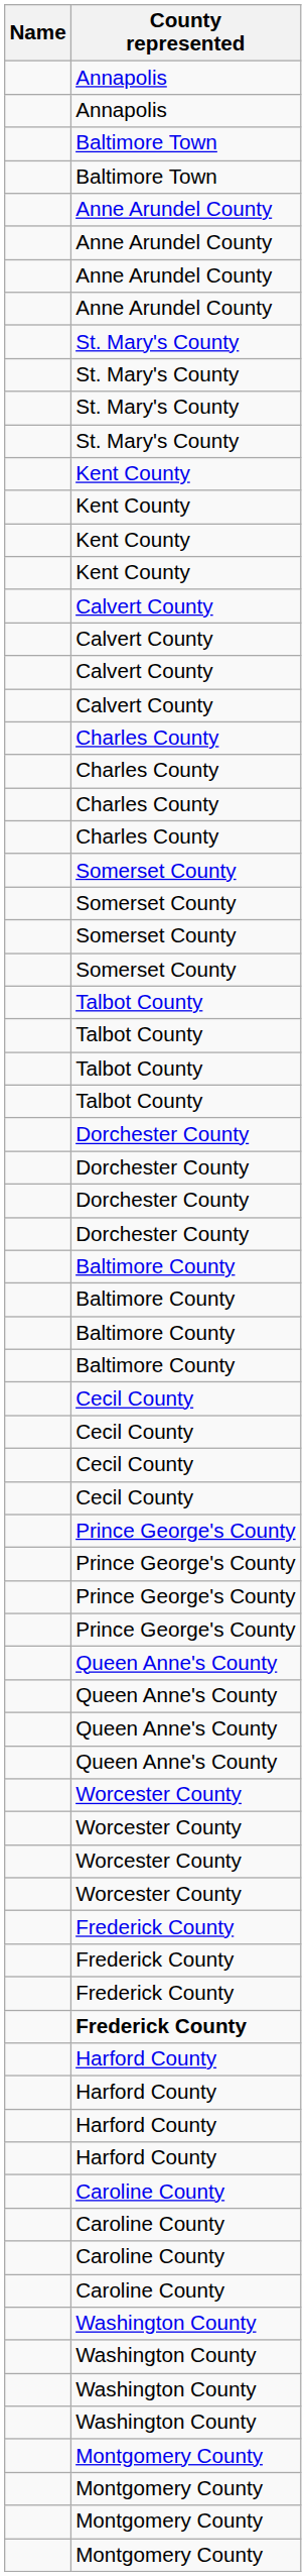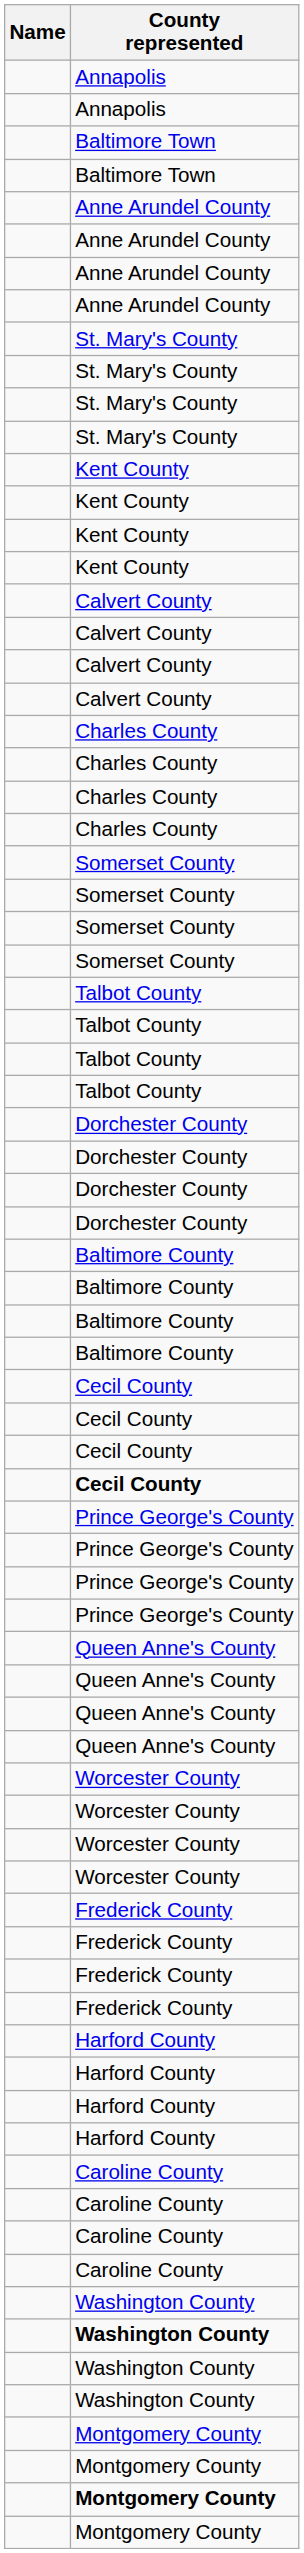 <table class="sortable wikitable">
 <tr>
 <th>Name</th>
 <th>County <br> represented</th>
 </tr>
 <tr>
 <td></td>
 <td><a href='#'>Annapolis</a></td>
 </tr>
 <tr>
 <td></td>
 <td>Annapolis</td>
 </tr>
 <tr>
 <td></td>
 <td><a href='#'>Baltimore Town</a></td>
 </tr>
 <tr>
 <td></td>
 <td>Baltimore Town</td>
 </tr>
 <tr>
 <td></td>
 <td><a href='#'>Anne Arundel County</a></td>
 </tr>
 <tr>
 <td></td>
 <td>Anne Arundel County</td>
 </tr>
 <tr>
 <td></td>
 <td>Anne Arundel County</td>
 </tr>
 <tr>
 <td></td>
 <td>Anne Arundel County</td>
 </tr>
 <tr>
 <td></td>
 <td><a href='#'>St. Mary's County</a></td>
 </tr>
 <tr>
 <td></td>
 <td>St. Mary's County</td>
 </tr>
 <tr>
 <td></td>
 <td>St. Mary's County</td>
 </tr>
 <tr>
 <td></td>
 <td>St. Mary's County</td>
 </tr>
 <tr>
 <td></td>
 <td><a href='#'>Kent County</a></td>
 </tr>
 <tr>
 <td></td>
 <td>Kent County</td>
 </tr>
 <tr>
 <td></td>
 <td>Kent County</td>
 </tr>
 <tr>
 <td></td>
 <td>Kent County</td>
 </tr>
 <tr>
 <td></td>
 <td><a href='#'>Calvert County</a></td>
 </tr>
 <tr>
 <td></td>
 <td>Calvert County</td>
 </tr>
 <tr>
 <td></td>
 <td>Calvert County</td>
 </tr>
 <tr>
 <td></td>
 <td>Calvert County</td>
 </tr>
 <tr>
 <td></td>
 <td><a href='#'>Charles County</a></td>
 </tr>
 <tr>
 <td></td>
 <td>Charles County</td>
 </tr>
 <tr>
 <td></td>
 <td>Charles County</td>
 </tr>
 <tr>
 <td></td>
 <td>Charles County</td>
 </tr>
 <tr>
 <td></td>
 <td><a href='#'>Somerset County</a></td>
 </tr>
 <tr>
 <td></td>
 <td>Somerset County</td>
 </tr>
 <tr>
 <td></td>
 <td>Somerset County</td>
 </tr>
 <tr>
 <td></td>
 <td>Somerset County</td>
 </tr>
 <tr>
 <td></td>
 <td><a href='#'>Talbot County</a></td>
 </tr>
 <tr>
 <td></td>
 <td>Talbot County</td>
 </tr>
 <tr>
 <td></td>
 <td>Talbot County</td>
 </tr>
 <tr>
 <td></td>
 <td>Talbot County</td>
 </tr>
 <tr>
 <td></td>
 <td><a href='#'>Dorchester County</a></td>
 </tr>
 <tr>
 <td></td>
 <td>Dorchester County</td>
 </tr>
 <tr>
 <td></td>
 <td>Dorchester County</td>
 </tr>
 <tr>
 <td></td>
 <td>Dorchester County</td>
 </tr>
 <tr>
 <td></td>
 <td><a href='#'>Baltimore County</a></td>
 </tr>
 <tr>
 <td></td>
 <td>Baltimore County</td>
 </tr>
 <tr>
 <td></td>
 <td>Baltimore County</td>
 </tr>
 <tr>
 <td></td>
 <td>Baltimore County</td>
 </tr>
 <tr>
 <td></td>
 <td><a href='#'>Cecil County</a></td>
 </tr>
 <tr>
 <td></td>
 <td>Cecil County</td>
 </tr>
 <tr>
 <td></td>
 <td>Cecil County</td>
 </tr>
 <tr>
 <td></td>
-<td>Cecil County</td>
+<td><strong>Cecil County</strong></td>
 </tr>
 <tr>
 <td></td>
 <td><a href='#'>Prince George's County</a></td>
 </tr>
 <tr>
 <td></td>
 <td>Prince George's County</td>
 </tr>
 <tr>
 <td></td>
 <td>Prince George's County</td>
 </tr>
 <tr>
 <td></td>
 <td>Prince George's County</td>
 </tr>
 <tr>
 <td></td>
 <td><a href='#'>Queen Anne's County</a></td>
 </tr>
 <tr>
 <td></td>
 <td>Queen Anne's County</td>
 </tr>
 <tr>
 <td></td>
 <td>Queen Anne's County</td>
 </tr>
 <tr>
 <td></td>
 <td>Queen Anne's County</td>
 </tr>
 <tr>
 <td></td>
 <td><a href='#'>Worcester County</a></td>
 </tr>
 <tr>
 <td></td>
 <td>Worcester County</td>
 </tr>
 <tr>
 <td></td>
 <td>Worcester County</td>
 </tr>
 <tr>
 <td></td>
 <td>Worcester County</td>
 </tr>
 <tr>
 <td></td>
 <td><a href='#'>Frederick County</a></td>
 </tr>
 <tr>
 <td></td>
 <td>Frederick County</td>
 </tr>
 <tr>
 <td></td>
 <td>Frederick County</td>
 </tr>
 <tr>
 <td></td>
-<td><strong>Frederick County</strong></td>
+<td>Frederick County</td>
 </tr>
 <tr>
 <td></td>
 <td><a href='#'>Harford County</a></td>
 </tr>
 <tr>
 <td></td>
 <td>Harford County</td>
 </tr>
 <tr>
 <td></td>
 <td>Harford County</td>
 </tr>
 <tr>
 <td></td>
 <td>Harford County</td>
 </tr>
 <tr>
 <td></td>
 <td><a href='#'>Caroline County</a></td>
 </tr>
 <tr>
 <td></td>
 <td>Caroline County</td>
 </tr>
 <tr>
 <td></td>
 <td>Caroline County</td>
 </tr>
 <tr>
 <td></td>
 <td>Caroline County</td>
 </tr>
 <tr>
 <td></td>
 <td><a href='#'>Washington County</a></td>
 </tr>
 <tr>
 <td></td>
-<td>Washington County</td>
+<td><strong>Washington County</strong></td>
 </tr>
 <tr>
 <td></td>
 <td>Washington County</td>
 </tr>
 <tr>
 <td></td>
 <td>Washington County</td>
 </tr>
 <tr>
 <td></td>
 <td><a href='#'>Montgomery County</a></td>
 </tr>
 <tr>
 <td></td>
 <td>Montgomery County</td>
 </tr>
 <tr>
 <td></td>
-<td>Montgomery County</td>
+<td><strong>Montgomery County</strong></td>
 </tr>
 <tr>
 <td></td>
 <td>Montgomery County</td>
 </tr>
 </table>
